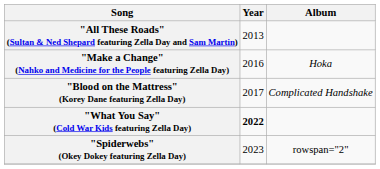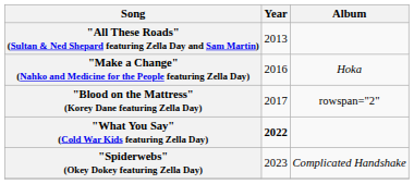 <table class="wikitable plainrowheaders" style=text-align:center;>
 <tr>
 <th>Song</th>
 <th>Year</th>
 <th>Album</th>
 </tr>
 <tr>
 <th scope="row">"All These Roads"<br><small>(<a href='#'>Sultan & Ned Shepard</a> featuring Zella Day and <a href='#'>Sam Martin</a>)</small></th>
 <td>2013</td>
 <td></td>
 </tr>
 <tr>
 <th scope="row">"Make a Change"<br><small>(<a href='#'>Nahko and Medicine for the People</a> featuring Zella Day)</small></th>
 <td>2016</td>
 <td><em>Hoka</em></td>
 </tr>
 <tr>
 <th scope="row">"Blood on the Mattress"<br><small>(Korey Dane featuring Zella Day)</small></th>
 <td>2017</td>
-<td><em>Complicated Handshake</em></td>
+<td>rowspan="2"</td>
 </tr>
 <tr>
 <th scope="row">"What You Say"<br><small>(<a href='#'>Cold War Kids</a> featuring Zella Day)</small></th>
 <td><strong>2022</strong></td>
 </tr>
 <tr>
 <th scope="row">"Spiderwebs"<br><small>(Okey Dokey featuring Zella Day)</small></th>
 <td>2023</td>
-<td>rowspan="2"</td>
+<td><em>Complicated Handshake</em></td>
 </tr>
 <tr>
 </tr>
 </table>
